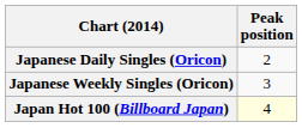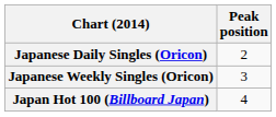 <table class="wikitable sortable plainrowheaders" style="text-align:center">
 <tr>
 <th scope="col">Chart (2014)</th>
 <th scope="col">Peak<br>position</th>
 </tr>
 <tr>
 <th scope="row">Japanese Daily Singles (<a href='#'>Oricon</a>)</th>
 <td>2</td>
 </tr>
 <tr>
 <th scope="row">Japanese Weekly Singles (Oricon)</th>
 <td>3</td>
 </tr>
 <tr>
 <th scope="row">Japan Hot 100 (<em><a href='#'>Billboard Japan</a></em>)</th>
-<td style="background: lightyellow;">4</td>
+<td>4</td>
 </tr>
 </table>
